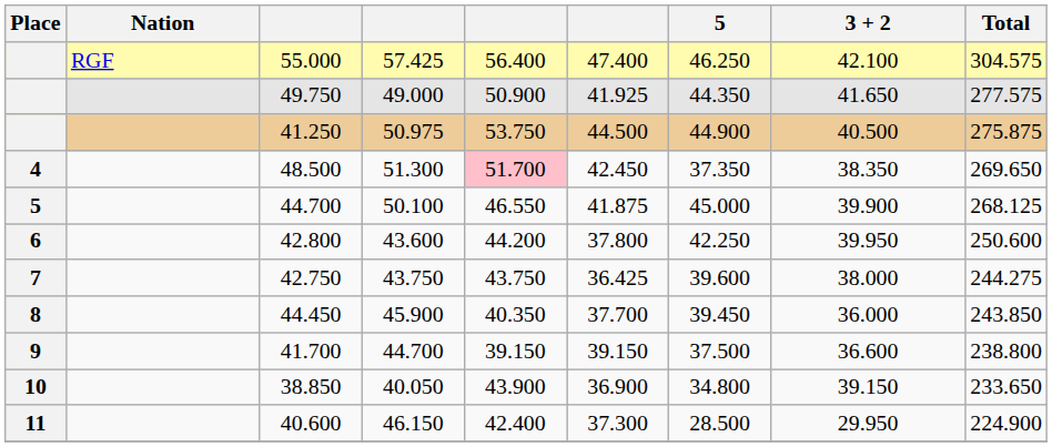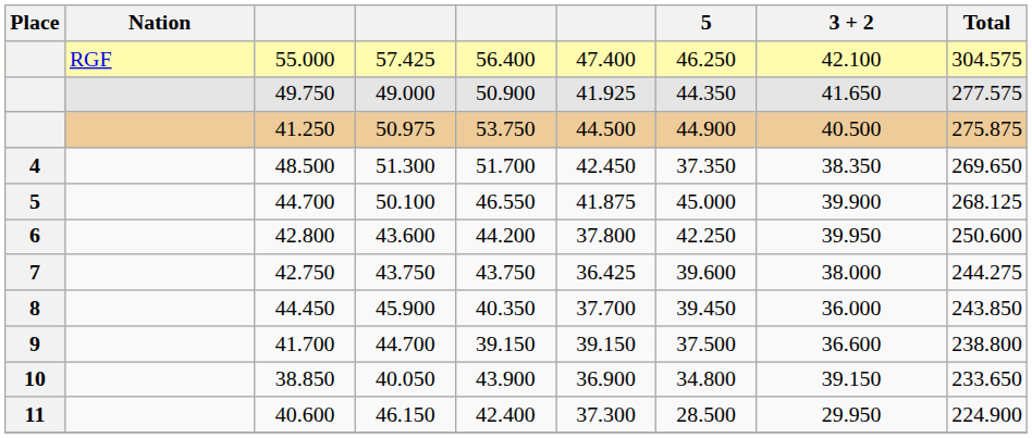 <table class="wikitable sortable" style="text-align:center; font-size:90%">
 <tr>
 <th scope="col" style="width:20px;">Place</th>
 <th ! scope="col" style="width:120px;">Nation</th>
 <th ! scope="col" style="width:60px;"></th>
 <th ! scope="col" style="width:60px;"></th>
 <th ! scope="col" style="width:60px;"></th>
 <th ! scope="col" style="width:60px;"></th>
 <th ! scope="col" style="width:60px;">5 </th>
 <th ! scope="col" style="width:120px;">3  + 2 </th>
 <th scope=col>Total</th>
 </tr>
 <tr bgcolor=fffcaf>
 <th scope=row></th>
 <td align=left><a href='#'>RGF</a></td>
 <td>55.000</td>
 <td>57.425</td>
 <td>56.400</td>
 <td>47.400</td>
 <td>46.250</td>
 <td>42.100</td>
 <td>304.575</td>
 </tr>
 <tr bgcolor=e5e5e5>
 <th scope=row></th>
 <td align=left></td>
 <td>49.750</td>
 <td>49.000</td>
 <td>50.900</td>
 <td>41.925</td>
 <td>44.350</td>
 <td>41.650</td>
 <td>277.575</td>
 </tr>
 <tr bgcolor=eecc99>
 <th scope=row></th>
 <td align=left></td>
 <td>41.250</td>
 <td>50.975</td>
 <td>53.750</td>
 <td>44.500</td>
 <td>44.900</td>
 <td>40.500</td>
 <td>275.875</td>
 </tr>
 <tr>
 <th scope=row>4</th>
 <td align=left></td>
 <td>48.500</td>
 <td>51.300</td>
-<td style="background: pink;">51.700</td>
+<td>51.700</td>
 <td>42.450</td>
 <td>37.350</td>
 <td>38.350</td>
 <td>269.650</td>
 </tr>
 <tr>
 <th scope=row>5</th>
 <td align=left></td>
 <td>44.700</td>
 <td>50.100</td>
 <td>46.550</td>
 <td>41.875</td>
 <td>45.000</td>
 <td>39.900</td>
 <td>268.125</td>
 </tr>
 <tr>
 <th scope=row>6</th>
 <td align=left></td>
 <td>42.800</td>
 <td>43.600</td>
 <td>44.200</td>
 <td>37.800</td>
 <td>42.250</td>
 <td>39.950</td>
 <td>250.600</td>
 </tr>
 <tr>
 <th scope=row>7</th>
 <td align=left></td>
 <td>42.750</td>
 <td>43.750</td>
 <td>43.750</td>
 <td>36.425</td>
 <td>39.600</td>
 <td>38.000</td>
 <td>244.275</td>
 </tr>
 <tr>
 <th scope=row>8</th>
 <td align=left></td>
 <td>44.450</td>
 <td>45.900</td>
 <td>40.350</td>
 <td>37.700</td>
 <td>39.450</td>
 <td>36.000</td>
 <td>243.850</td>
 </tr>
 <tr>
 <th scope=row>9</th>
 <td align=left></td>
 <td>41.700</td>
 <td>44.700</td>
 <td>39.150</td>
 <td>39.150</td>
 <td>37.500</td>
 <td>36.600</td>
 <td>238.800</td>
 </tr>
 <tr>
 <th scope=row>10</th>
 <td align=left></td>
 <td>38.850</td>
 <td>40.050</td>
 <td>43.900</td>
 <td>36.900</td>
 <td>34.800</td>
 <td>39.150</td>
 <td>233.650</td>
 </tr>
 <tr>
 <th scope=row>11</th>
 <td align=left></td>
 <td>40.600</td>
 <td>46.150</td>
 <td>42.400</td>
 <td>37.300</td>
 <td>28.500</td>
 <td>29.950</td>
 <td>224.900</td>
 </tr>
 <tr>
 </tr>
 </table>
